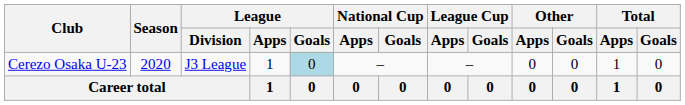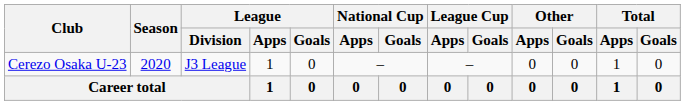 <table class="wikitable" style="text-align: center">
 <tr>
 <th rowspan="2">Club</th>
 <th rowspan="2">Season</th>
 <th colspan="3">League</th>
 <th colspan="2">National Cup</th>
 <th colspan="2">League Cup</th>
 <th colspan="2">Other</th>
 <th colspan="2">Total</th>
 </tr>
 <tr>
 <th>Division</th>
 <th>Apps</th>
 <th>Goals</th>
 <th>Apps</th>
 <th>Goals</th>
 <th>Apps</th>
 <th>Goals</th>
 <th>Apps</th>
 <th>Goals</th>
 <th>Apps</th>
 <th>Goals</th>
 </tr>
 <tr>
 <td><a href='#'>Cerezo Osaka U-23</a></td>
 <td><a href='#'>2020</a></td>
 <td><a href='#'>J3 League</a></td>
 <td>1</td>
-<td style="background: lightblue;">0</td>
+<td>0</td>
 <td colspan="2">–</td>
 <td colspan="2">–</td>
 <td>0</td>
 <td>0</td>
 <td>1</td>
 <td>0</td>
 </tr>
 <tr>
 <th colspan=3>Career total</th>
 <th>1</th>
 <th>0</th>
 <th>0</th>
 <th>0</th>
 <th>0</th>
 <th>0</th>
 <th>0</th>
 <th>0</th>
 <th>1</th>
 <th>0</th>
 </tr>
 </table>
